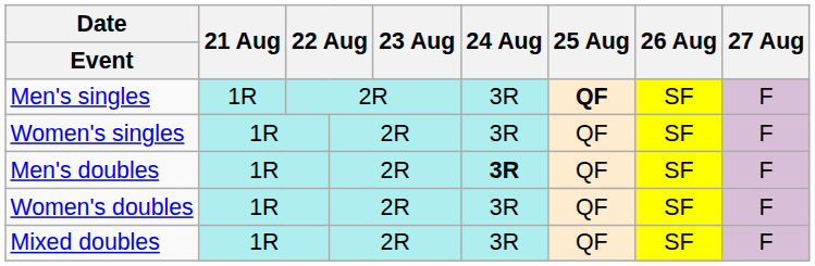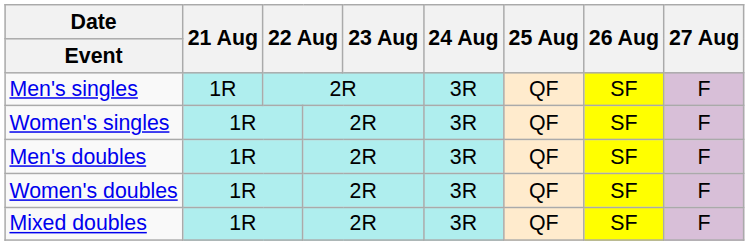 <table class="wikitable" style="margin:0.5em auto; font-size:90%; text-align:center">
 <tr>
 <th>Date</th>
 <th rowspan="2">21 Aug</th>
 <th colspan="2" rowspan="2">22 Aug</th>
 <th rowspan="2">23 Aug</th>
 <th rowspan="2">24 Aug</th>
 <th rowspan="2">25 Aug</th>
 <th rowspan="2">26 Aug</th>
 <th rowspan="2">27 Aug</th>
 </tr>
 <tr>
 <th>Event</th>
 </tr>
 <tr>
 <td align="left"><a href='#'>Men's singles</a></td>
 <td bgcolor="#AFEEEE">1R</td>
 <td colspan="3" bgcolor="#AFEEEE">2R</td>
 <td bgcolor="#AFEEEE">3R</td>
-<td bgcolor="#FFEBCD"><strong>QF</strong></td>
+<td bgcolor="#FFEBCD">QF</td>
 <td bgcolor="#FFFF00">SF</td>
 <td bgcolor="#D8BFD8">F</td>
 </tr>
 <tr>
 <td align="left"><a href='#'>Women's singles</a></td>
 <td colspan="2" bgcolor="#AFEEEE">1R</td>
 <td colspan="2" bgcolor="#AFEEEE">2R</td>
 <td bgcolor="#AFEEEE">3R</td>
 <td bgcolor="#FFEBCD">QF</td>
 <td bgcolor="#FFFF00">SF</td>
 <td bgcolor="#D8BFD8">F</td>
 </tr>
 <tr>
 <td align="left"><a href='#'>Men's doubles</a></td>
 <td colspan="2" bgcolor="#AFEEEE">1R</td>
 <td colspan="2" bgcolor="#AFEEEE">2R</td>
-<td bgcolor="#AFEEEE"><strong>3R</strong></td>
+<td bgcolor="#AFEEEE">3R</td>
 <td bgcolor="#FFEBCD">QF</td>
 <td bgcolor="#FFFF00">SF</td>
 <td bgcolor="#D8BFD8">F</td>
 </tr>
 <tr>
 <td align="left"><a href='#'>Women's doubles</a></td>
 <td colspan="2" bgcolor="#AFEEEE">1R</td>
 <td colspan="2" bgcolor="#AFEEEE">2R</td>
 <td bgcolor="#AFEEEE">3R</td>
 <td bgcolor="#FFEBCD">QF</td>
 <td bgcolor="#FFFF00">SF</td>
 <td bgcolor="#D8BFD8">F</td>
 </tr>
 <tr>
 <td align="left"><a href='#'>Mixed doubles</a></td>
 <td colspan="2" bgcolor="#AFEEEE">1R</td>
 <td colspan="2" bgcolor="#AFEEEE">2R</td>
 <td bgcolor="#AFEEEE">3R</td>
 <td bgcolor="#FFEBCD">QF</td>
 <td bgcolor="#FFFF00">SF</td>
 <td bgcolor="#D8BFD8">F</td>
 </tr>
 </table>
